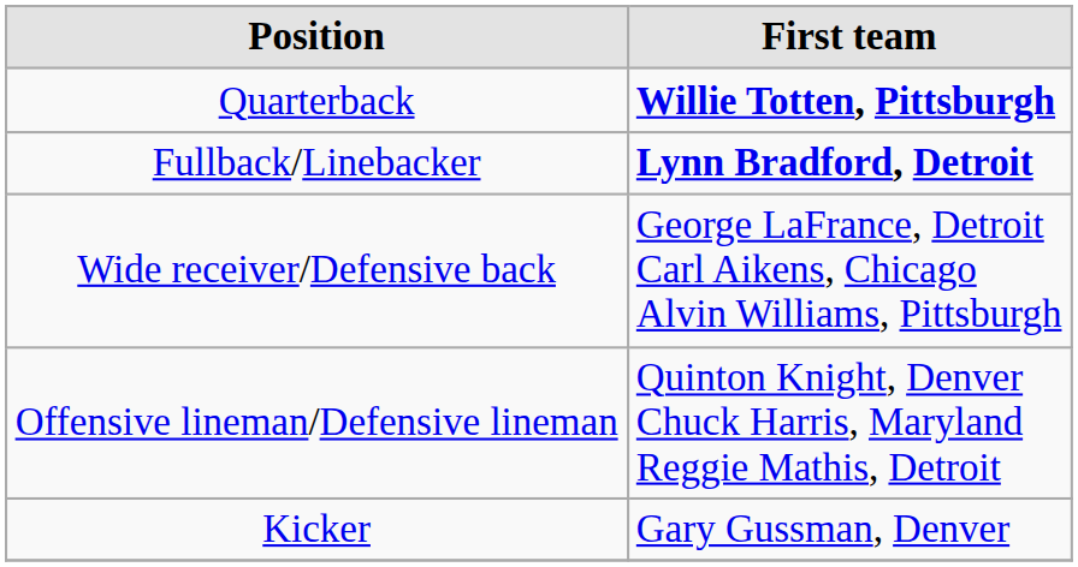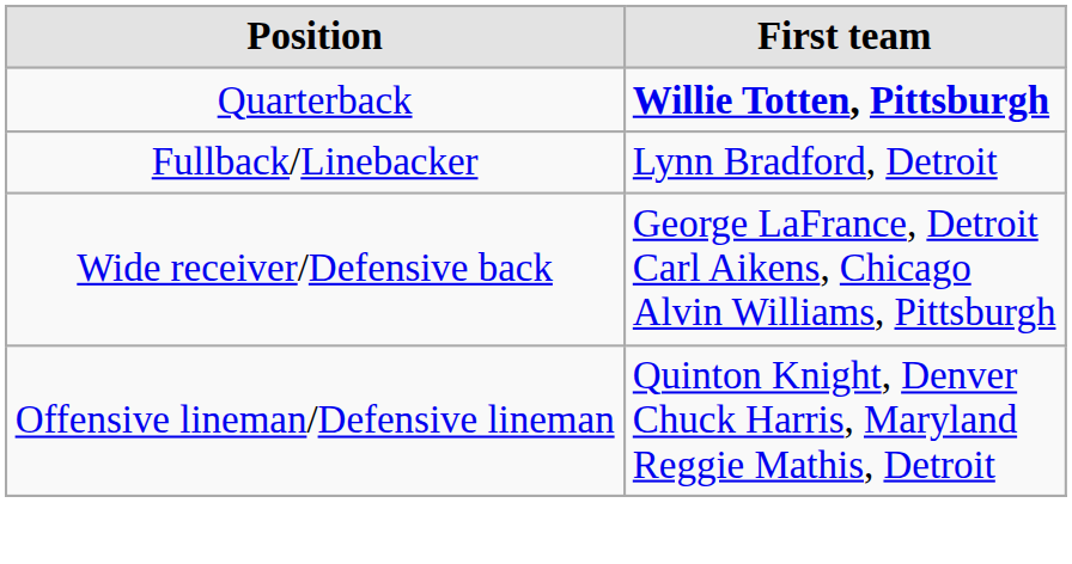 <table class="wikitable">
 <tr>
 <th style="background:#e3e3e3;">Position</th>
 <th style="background:#e3e3e3;">First team</th>
 </tr>
 <tr>
 <td align=center><a href='#'>Quarterback</a></td>
 <td><strong><a href='#'>Willie Totten</a>, <a href='#'>Pittsburgh</a></strong></td>
 </tr>
 <tr>
 <td align=center><a href='#'>Fullback</a>/<a href='#'>Linebacker</a></td>
-<td><strong><a href='#'>Lynn Bradford</a>, <a href='#'>Detroit</a></strong></td>
+<td><a href='#'>Lynn Bradford</a>, <a href='#'>Detroit</a></td>
 </tr>
 <tr>
 <td align=center><a href='#'>Wide receiver</a>/<a href='#'>Defensive back</a></td>
 <td><a href='#'>George LaFrance</a>, <a href='#'>Detroit</a><br><a href='#'>Carl Aikens</a>, <a href='#'>Chicago</a><br><a href='#'>Alvin Williams</a>, <a href='#'>Pittsburgh</a></td>
 </tr>
 <tr>
 <td align=center><a href='#'>Offensive lineman</a>/<a href='#'>Defensive lineman</a></td>
 <td><a href='#'>Quinton Knight</a>, <a href='#'>Denver</a><br><a href='#'>Chuck Harris</a>, <a href='#'>Maryland</a><br><a href='#'>Reggie Mathis</a>, <a href='#'>Detroit</a></td>
 </tr>
 <tr>
-<td align=center><a href='#'>Kicker</a></td>
-<td><a href='#'>Gary Gussman</a>, <a href='#'>Denver</a></td>
-</tr>
-<tr>
 </tr>
 </table>
